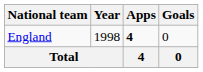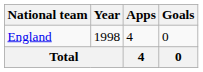 <table class="wikitable">
 <tr>
 <th>National team</th>
 <th>Year</th>
 <th>Apps</th>
 <th>Goals</th>
 </tr>
 <tr>
 <td><a href='#'>England</a></td>
 <td>1998</td>
-<td><strong>4</strong></td>
+<td>4</td>
 <td>0</td>
 </tr>
 <tr>
 <th colspan="2">Total</th>
 <th>4</th>
 <th>0</th>
 </tr>
 </table>
